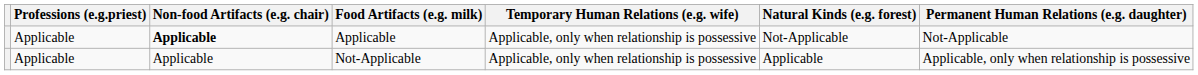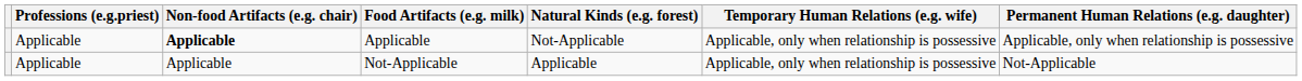 <table class="wikitable">
 <tr>
 <th></th>
 <th>Professions (e.g.priest)</th>
 <th>Non-food Artifacts (e.g. chair)</th>
 <th>Food Artifacts (e.g. milk)</th>
+<th>Natural Kinds (e.g. forest)</th>
 <th>Temporary Human Relations (e.g. wife)</th>
-<th>Natural Kinds (e.g. forest)</th>
 <th>Permanent Human Relations (e.g. daughter)</th>
 </tr>
 <tr>
 <th></th>
 <td>Applicable</td>
 <td><strong>Applicable</strong></td>
 <td>Applicable</td>
+<td>Not-Applicable</td>
 <td>Applicable, only when relationship is possessive</td>
-<td>Not-Applicable</td>
-<td>Not-Applicable</td>
+<td>Applicable, only when relationship is possessive</td>
 </tr>
 <tr>
 <th></th>
 <td>Applicable</td>
 <td>Applicable</td>
 <td>Not-Applicable</td>
-<td>Applicable, only when relationship is possessive</td>
 <td>Applicable</td>
 <td>Applicable, only when relationship is possessive</td>
+<td>Not-Applicable</td>
 </tr>
 </table>
